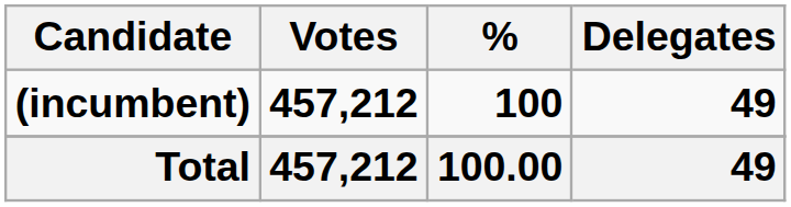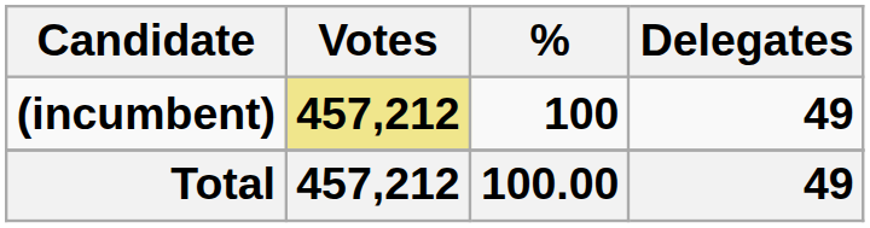 <table class="wikitable sortable" style="text-align:right;">
 <tr>
 <th>Candidate</th>
 <th>Votes</th>
 <th>%</th>
 <th>Delegates</th>
 </tr>
 <tr>
 <td><strong></strong> <strong>(incumbent)</strong></td>
-<td><strong>457,212</strong></td>
+<td style="background: khaki;"><strong>457,212</strong></td>
 <td><strong>100</strong></td>
 <td><strong>49</strong></td>
 </tr>
 <tr>
 </tr>
 <tr style="background-color:#F6F6F6">
 <th style="text-align:right;">Total</th>
 <th style="text-align:right;"><strong>457,212</strong></th>
 <th style="text-align:right;">100.00</th>
 <th style="text-align:right;">49</th>
 </tr>
 </table>
